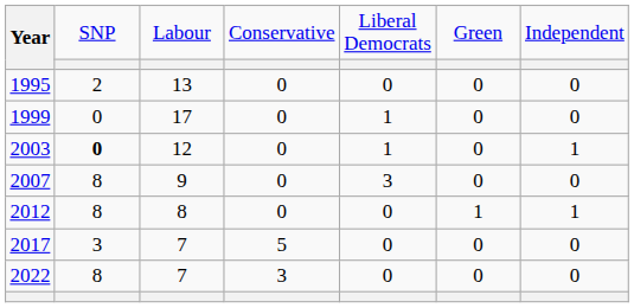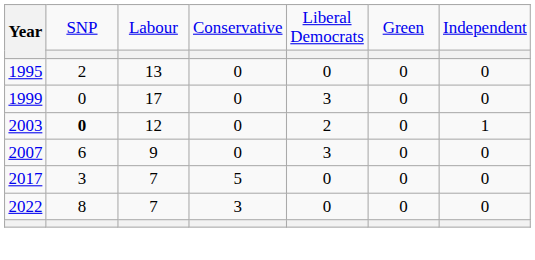 <table class=wikitable style=text-align:center>
 <tr>
 <th rowspan=2>Year</th>
 <td width="60"><a href='#'>SNP</a></td>
 <td width="60"><a href='#'>Labour</a></td>
 <td width="60"><a href='#'>Conservative</a></td>
 <td width="60"><a href='#'>Liberal Democrats</a></td>
 <td width="60"><a href='#'>Green</a></td>
 <td width="60"><a href='#'>Independent</a></td>
 </tr>
 <tr>
 <th style="background-color: "></th>
 <th style="background-color: "></th>
 <th style="background-color: "></th>
 <th style="background-color: "></th>
 <th style="background-color: "></th>
 <th style="background-color: "></th>
 </tr>
 <tr>
 <td><a href='#'>1995</a></td>
 <td>2</td>
 <td>13</td>
 <td>0</td>
 <td>0</td>
 <td>0</td>
 <td>0</td>
 </tr>
 <tr>
 <td><a href='#'>1999</a></td>
 <td>0</td>
 <td>17</td>
 <td>0</td>
-<td>1</td>
+<td>3</td>
 <td>0</td>
 <td>0</td>
 </tr>
 <tr>
 <td><a href='#'>2003</a></td>
 <td><strong>0</strong></td>
 <td>12</td>
 <td>0</td>
-<td>1</td>
+<td>2</td>
 <td>0</td>
 <td>1</td>
 </tr>
 <tr>
 <td><a href='#'>2007</a></td>
-<td>8</td>
+<td>6</td>
 <td>9</td>
 <td>0</td>
 <td>3</td>
 <td>0</td>
 <td>0</td>
-</tr>
-<tr>
-<td><a href='#'>2012</a></td>
-<td>8</td>
-<td>8</td>
-<td>0</td>
-<td>0</td>
-<td>1</td>
-<td>1</td>
 </tr>
 <tr>
 <td><a href='#'>2017</a></td>
 <td>3</td>
 <td>7</td>
 <td>5</td>
 <td>0</td>
 <td>0</td>
 <td>0</td>
 </tr>
 <tr>
 <td><a href='#'>2022</a></td>
 <td>8</td>
 <td>7</td>
 <td>3</td>
 <td>0</td>
 <td>0</td>
 <td>0</td>
 </tr>
 <tr>
 <th></th>
 <th style="background-color: "></th>
 <th style="background-color: "></th>
 <th style="background-color: "></th>
 <th style="background-color: "></th>
 <th style="background-color: "></th>
 <th style="background-color: "></th>
 </tr>
 </table>
